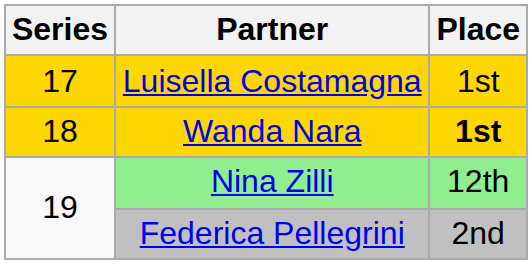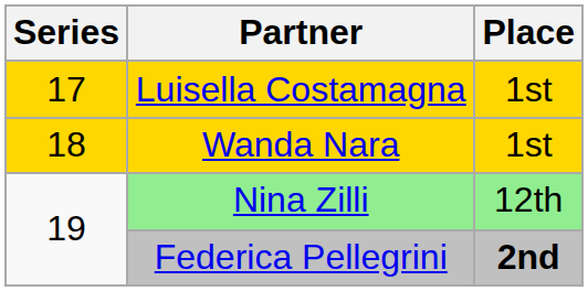 <table class="wikitable sortable" style="margin:auto; text-align:center;">
 <tr>
 <th>Series</th>
 <th>Partner</th>
 <th>Place</th>
 </tr>
 <tr bgcolor="gold">
 <td>17</td>
 <td><a href='#'>Luisella Costamagna</a></td>
 <td>1st</td>
 </tr>
 <tr bgcolor="gold">
 <td>18</td>
 <td><a href='#'>Wanda Nara</a></td>
-<td><strong>1st</strong></td>
+<td>1st</td>
 </tr>
 <tr>
 <td rowspan="2">19</td>
 <td style="background:lightgreen;"><a href='#'>Nina Zilli</a></td>
 <td style="background:lightgreen;">12th</td>
 </tr>
 <tr>
 <td style="background:silver;"><a href='#'>Federica Pellegrini</a></td>
-<td style="background:silver;">2nd</td>
+<td style="background:silver;"><strong>2nd</strong></td>
 </tr>
 </table>
